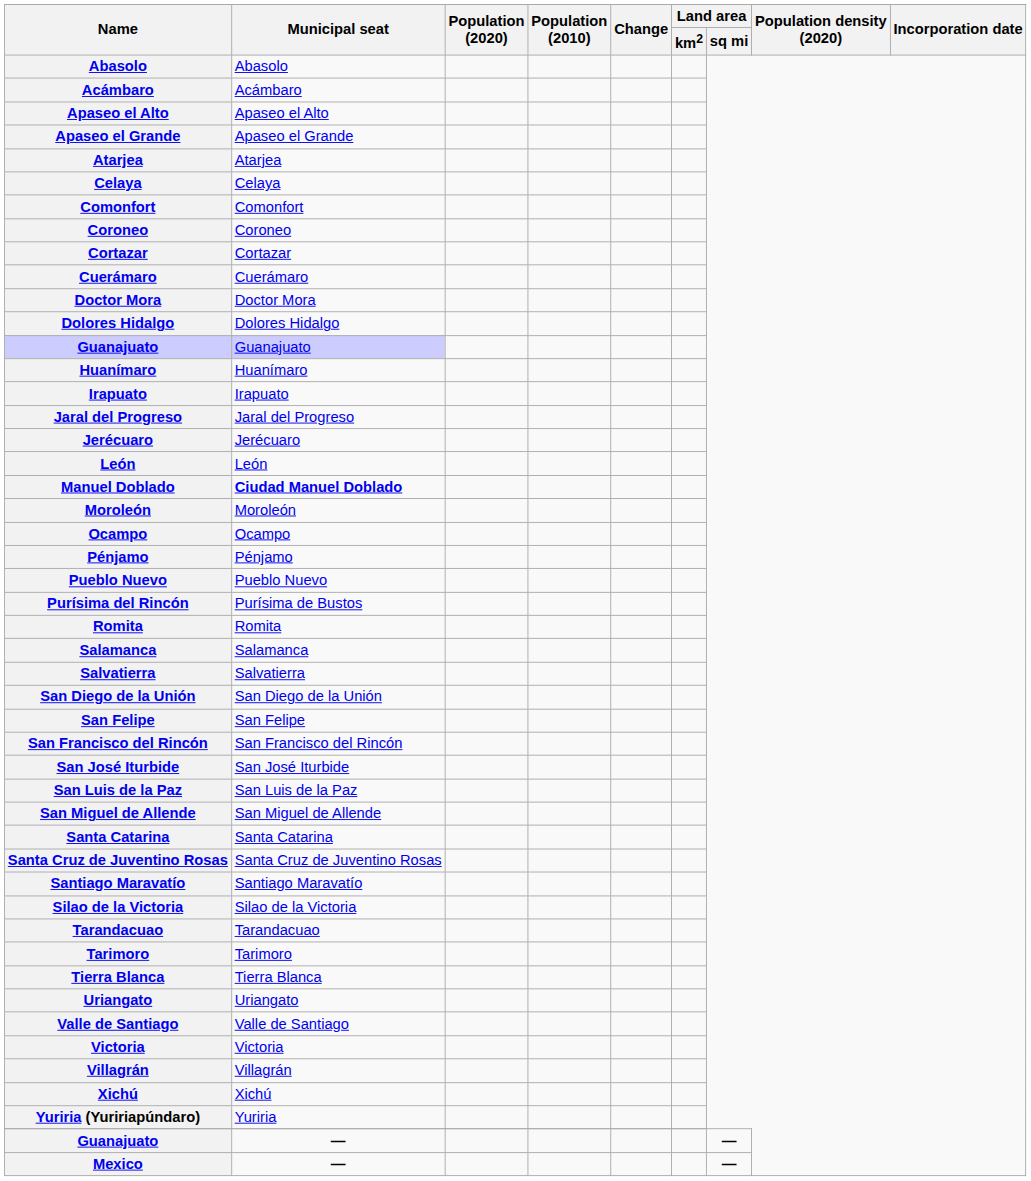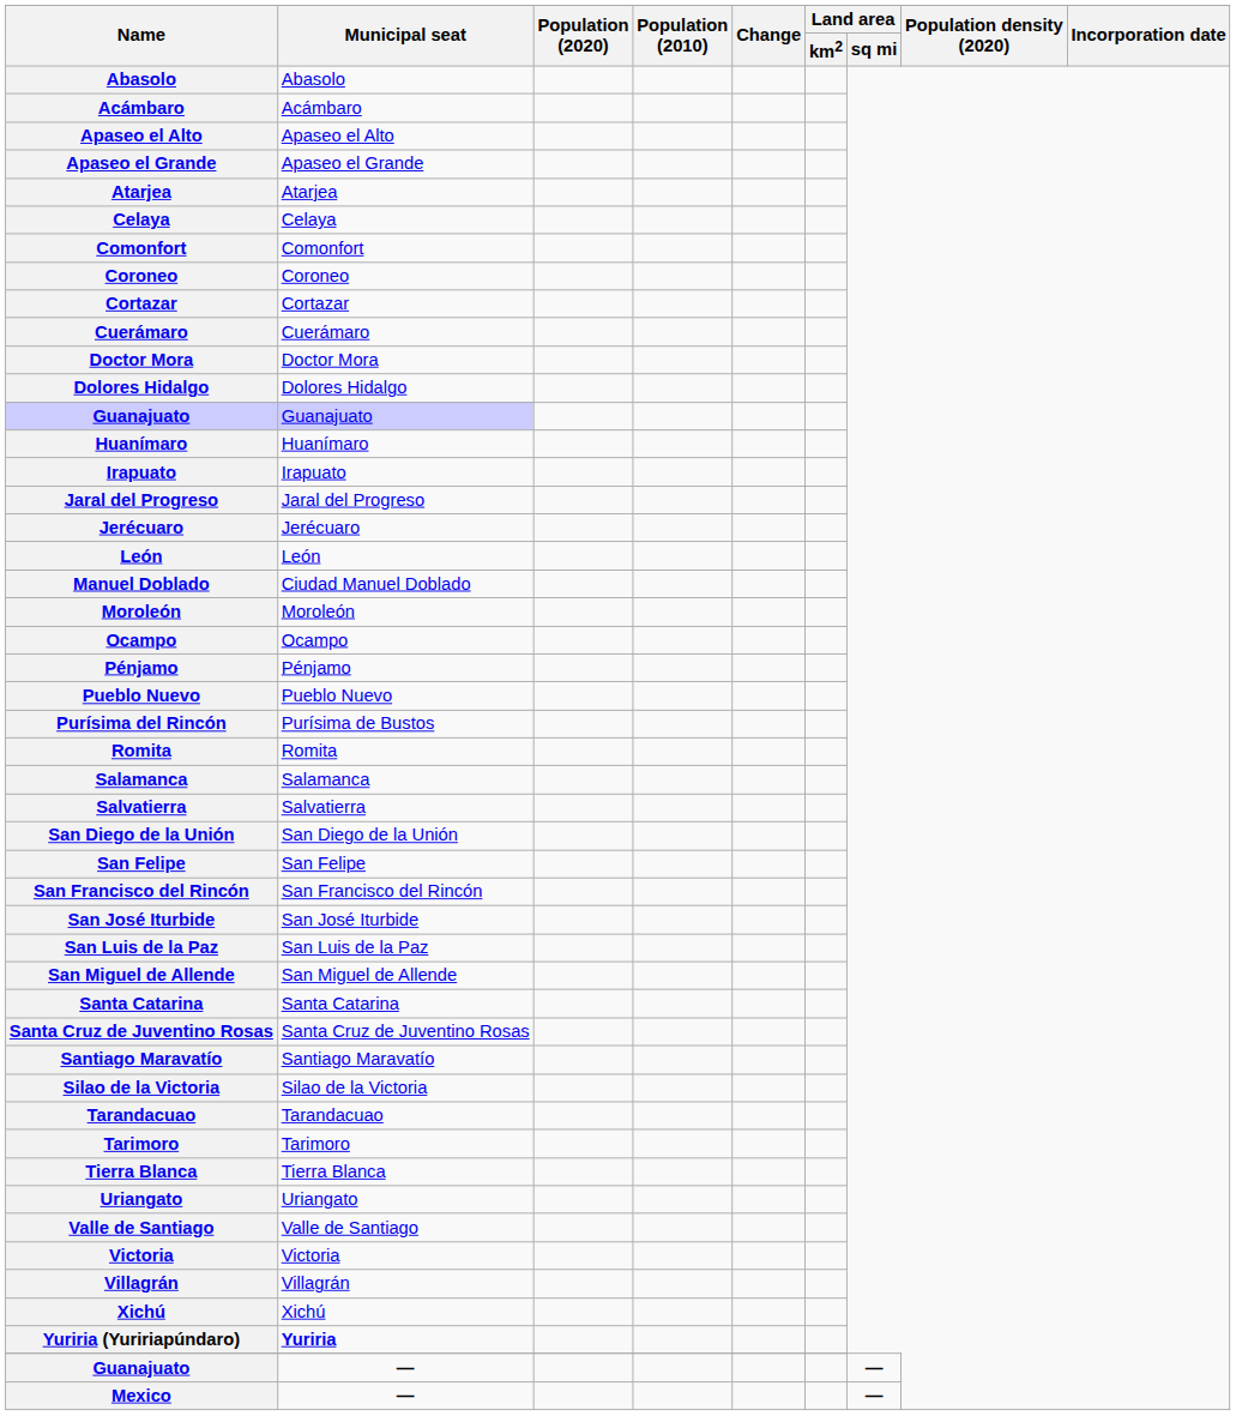 <table class="wikitable sortable" style="text-align:right;">
 <tr>
 </tr>
 <tr>
 <th scope="col"  rowspan=2>Name</th>
 <th scope="col"  rowspan=2>Municipal seat</th>
 <th scope="col"  rowspan=2>Population<br>(2020)</th>
 <th scope="col"  rowspan=2>Population<br>(2010)</th>
 <th scope="col"  rowspan=2>Change</th>
 <th scope="col" data-sort-type="number"  colspan=2>Land area</th>
 <th scope="col" data-sort-type="number"  rowspan=2>Population density<br>(2020)</th>
 <th scope="col"  rowspan=2>Incorporation date</th>
 </tr>
 <tr>
 <th scope="col">km<sup>2</sup></th>
 <th scope="col">sq mi</th>
 </tr>
 <tr>
 <th scope="row" align="left"><a href='#'>Abasolo</a></th>
 <td align=left><a href='#'>Abasolo</a></td>
 <td></td>
 <td></td>
 <td></td>
 <td></td>
 </tr>
 <tr>
 <th scope="row" align="left"><a href='#'>Acámbaro</a></th>
 <td align=left><a href='#'>Acámbaro</a></td>
 <td></td>
 <td></td>
 <td></td>
 <td></td>
 </tr>
 <tr>
 <th scope="row" align="left"><a href='#'>Apaseo el Alto</a></th>
 <td align=left><a href='#'>Apaseo el Alto</a></td>
 <td></td>
 <td></td>
 <td></td>
 <td></td>
 </tr>
 <tr>
 <th scope="row" align="left"><a href='#'>Apaseo el Grande</a></th>
 <td align=left><a href='#'>Apaseo el Grande</a></td>
 <td></td>
 <td></td>
 <td></td>
 <td></td>
 </tr>
 <tr>
 <th scope="row" align="left"><a href='#'>Atarjea</a></th>
 <td align=left><a href='#'>Atarjea</a></td>
 <td></td>
 <td></td>
 <td></td>
 <td></td>
 </tr>
 <tr>
 <th scope="row" align="left"><a href='#'>Celaya</a></th>
 <td align=left><a href='#'>Celaya</a></td>
 <td></td>
 <td></td>
 <td></td>
 <td></td>
 </tr>
 <tr>
 <th scope="row" align="left"><a href='#'>Comonfort</a></th>
 <td align=left><a href='#'>Comonfort</a></td>
 <td></td>
 <td></td>
 <td></td>
 <td></td>
 </tr>
 <tr>
 <th scope="row" align="left"><a href='#'>Coroneo</a></th>
 <td align=left><a href='#'>Coroneo</a></td>
 <td></td>
 <td></td>
 <td></td>
 <td></td>
 </tr>
 <tr>
 <th scope="row" align="left"><a href='#'>Cortazar</a></th>
 <td align=left><a href='#'>Cortazar</a></td>
 <td></td>
 <td></td>
 <td></td>
 <td></td>
 </tr>
 <tr>
 <th scope="row" align="left"><a href='#'>Cuerámaro</a></th>
 <td align=left><a href='#'>Cuerámaro</a></td>
 <td></td>
 <td></td>
 <td></td>
 <td></td>
 </tr>
 <tr>
 <th scope="row" align="left"><a href='#'>Doctor Mora</a></th>
 <td align=left><a href='#'>Doctor Mora</a></td>
 <td></td>
 <td></td>
 <td></td>
 <td></td>
 </tr>
 <tr>
 <th scope="row" align="left"><a href='#'>Dolores Hidalgo</a></th>
 <td align=left><a href='#'>Dolores Hidalgo</a></td>
 <td></td>
 <td></td>
 <td></td>
 <td></td>
 </tr>
 <tr>
 <th scope="row" align="left" style="background:#CCF;"><a href='#'>Guanajuato</a></th>
 <td align=left style="background:#CCF;"><a href='#'>Guanajuato</a></td>
 <td></td>
 <td></td>
 <td></td>
 <td></td>
 </tr>
 <tr>
 <th scope="row" align="left"><a href='#'>Huanímaro</a></th>
 <td align=left><a href='#'>Huanímaro</a></td>
 <td></td>
 <td></td>
 <td></td>
 <td></td>
 </tr>
 <tr>
 <th scope="row" align="left"><a href='#'>Irapuato</a></th>
 <td align=left><a href='#'>Irapuato</a></td>
 <td></td>
 <td></td>
 <td></td>
 <td></td>
 </tr>
 <tr>
 <th scope="row" align="left"><a href='#'>Jaral del Progreso</a></th>
 <td align=left><a href='#'>Jaral del Progreso</a></td>
 <td></td>
 <td></td>
 <td></td>
 <td></td>
 </tr>
 <tr>
 <th scope="row" align="left"><a href='#'>Jerécuaro</a></th>
 <td align=left><a href='#'>Jerécuaro</a></td>
 <td></td>
 <td></td>
 <td></td>
 <td></td>
 </tr>
 <tr>
 <th scope="row" align="left"><a href='#'>León</a></th>
 <td align=left><a href='#'>León</a></td>
 <td></td>
 <td></td>
 <td></td>
 <td></td>
 </tr>
 <tr>
 <th scope="row" align="left"><a href='#'>Manuel Doblado</a></th>
-<td align=left><strong><a href='#'>Ciudad Manuel Doblado</a></strong></td>
+<td align=left><a href='#'>Ciudad Manuel Doblado</a></td>
 <td></td>
 <td></td>
 <td></td>
 <td></td>
 </tr>
 <tr>
 <th scope="row" align="left"><a href='#'>Moroleón</a></th>
 <td align=left><a href='#'>Moroleón</a></td>
 <td></td>
 <td></td>
 <td></td>
 <td></td>
 </tr>
 <tr>
 <th scope="row" align="left"><a href='#'>Ocampo</a></th>
 <td align=left><a href='#'>Ocampo</a></td>
 <td></td>
 <td></td>
 <td></td>
 <td></td>
 </tr>
 <tr>
 <th scope="row" align="left"><a href='#'>Pénjamo</a></th>
 <td align=left><a href='#'>Pénjamo</a></td>
 <td></td>
 <td></td>
 <td></td>
 <td></td>
 </tr>
 <tr>
 <th scope="row" align="left"><a href='#'>Pueblo Nuevo</a></th>
 <td align=left><a href='#'>Pueblo Nuevo</a></td>
 <td></td>
 <td></td>
 <td></td>
 <td></td>
 </tr>
 <tr>
 <th scope="row" align="left"><a href='#'>Purísima del Rincón</a></th>
 <td align=left><a href='#'>Purísima de Bustos</a></td>
 <td></td>
 <td></td>
 <td></td>
 <td></td>
 </tr>
 <tr>
 <th scope="row" align="left"><a href='#'>Romita</a></th>
 <td align=left><a href='#'>Romita</a></td>
 <td></td>
 <td></td>
 <td></td>
 <td></td>
 </tr>
 <tr>
 <th scope="row" align="left"><a href='#'>Salamanca</a></th>
 <td align=left><a href='#'>Salamanca</a></td>
 <td></td>
 <td></td>
 <td></td>
 <td></td>
 </tr>
 <tr>
 <th scope="row" align="left"><a href='#'>Salvatierra</a></th>
 <td align=left><a href='#'>Salvatierra</a></td>
 <td></td>
 <td></td>
 <td></td>
 <td></td>
 </tr>
 <tr>
 <th scope="row" align="left"><a href='#'>San Diego de la Unión</a></th>
 <td align=left><a href='#'>San Diego de la Unión</a></td>
 <td></td>
 <td></td>
 <td></td>
 <td></td>
 </tr>
 <tr>
 <th scope="row" align="left"><a href='#'>San Felipe</a></th>
 <td align=left><a href='#'>San Felipe</a></td>
 <td></td>
 <td></td>
 <td></td>
 <td></td>
 </tr>
 <tr>
 <th scope="row" align="left"><a href='#'>San Francisco del Rincón</a></th>
 <td align=left><a href='#'>San Francisco del Rincón</a></td>
 <td></td>
 <td></td>
 <td></td>
 <td></td>
 </tr>
 <tr>
 <th scope="row" align="left"><a href='#'>San José Iturbide</a></th>
 <td align=left><a href='#'>San José Iturbide</a></td>
 <td></td>
 <td></td>
 <td></td>
 <td></td>
 </tr>
 <tr>
 <th scope="row" align="left"><a href='#'>San Luis de la Paz</a></th>
 <td align=left><a href='#'>San Luis de la Paz</a></td>
 <td></td>
 <td></td>
 <td></td>
 <td></td>
 </tr>
 <tr>
 <th scope="row" align="left"><a href='#'>San Miguel de Allende</a></th>
 <td align=left><a href='#'>San Miguel de Allende</a></td>
 <td></td>
 <td></td>
 <td></td>
 <td></td>
 </tr>
 <tr>
 <th scope="row" align="left"><a href='#'>Santa Catarina</a></th>
 <td align=left><a href='#'>Santa Catarina</a></td>
 <td></td>
 <td></td>
 <td></td>
 <td></td>
 </tr>
 <tr>
 <th scope="row" align="left"><a href='#'>Santa Cruz de Juventino Rosas</a></th>
 <td align=left><a href='#'>Santa Cruz de Juventino Rosas</a></td>
 <td></td>
 <td></td>
 <td></td>
 <td></td>
 </tr>
 <tr>
 <th scope="row" align="left"><a href='#'>Santiago Maravatío</a></th>
 <td align=left><a href='#'>Santiago Maravatío</a></td>
 <td></td>
 <td></td>
 <td></td>
 <td></td>
 </tr>
 <tr>
 <th scope="row" align="left"><a href='#'>Silao de la Victoria</a></th>
 <td align=left><a href='#'>Silao de la Victoria</a></td>
 <td></td>
 <td></td>
 <td></td>
 <td></td>
 </tr>
 <tr>
 <th scope="row" align="left"><a href='#'>Tarandacuao</a>  </th>
 <td align=left><a href='#'>Tarandacuao</a></td>
 <td></td>
 <td></td>
 <td></td>
 <td></td>
 </tr>
 <tr>
 <th scope="row" align="left"><a href='#'>Tarimoro</a></th>
 <td align=left><a href='#'>Tarimoro</a></td>
 <td></td>
 <td></td>
 <td></td>
 <td></td>
 </tr>
 <tr>
 <th scope="row" align="left"><a href='#'>Tierra Blanca</a></th>
 <td align=left><a href='#'>Tierra Blanca</a></td>
 <td></td>
 <td></td>
 <td></td>
 <td></td>
 </tr>
 <tr>
 <th scope="row" align="left"><a href='#'>Uriangato</a></th>
 <td align=left><a href='#'>Uriangato</a></td>
 <td></td>
 <td></td>
 <td></td>
 <td></td>
 </tr>
 <tr>
 <th scope="row" align="left"><a href='#'>Valle de Santiago</a></th>
 <td align=left><a href='#'>Valle de Santiago</a></td>
 <td></td>
 <td></td>
 <td></td>
 <td></td>
 </tr>
 <tr>
 <th scope="row" align="left"><a href='#'>Victoria</a></th>
 <td align=left><a href='#'>Victoria</a></td>
 <td></td>
 <td></td>
 <td></td>
 <td></td>
 </tr>
 <tr>
 <th scope="row" align="left"><a href='#'>Villagrán</a></th>
 <td align=left><a href='#'>Villagrán</a></td>
 <td></td>
 <td></td>
 <td></td>
 <td></td>
 </tr>
 <tr>
 <th scope="row" align="left"><a href='#'>Xichú</a></th>
 <td align=left><a href='#'>Xichú</a></td>
 <td></td>
 <td></td>
 <td></td>
 <td></td>
 </tr>
 <tr>
 <th scope="row" align="left"><a href='#'>Yuriria</a> (Yuririapúndaro)</th>
-<td align=left><a href='#'>Yuriria</a></td>
+<td align=left><strong><a href='#'>Yuriria</a></strong></td>
 <td></td>
 <td></td>
 <td></td>
 <td></td>
 </tr>
 <tr>
 </tr>
 <tr class="sortbottom" style="text-align:center;" style="background: #f2f2f2;">
 <th scope="row" align="left"><strong><a href='#'>Guanajuato</a></strong></th>
 <td><strong>—</strong></td>
 <td></td>
 <td><strong></strong></td>
 <td><strong></strong></td>
 <td align="right"><strong></strong></td>
 <td><strong>—</strong></td>
 </tr>
 <tr class="sortbottom" style="text-align:center;" style="background: #f2f2f2;">
 <th scope="row" align="left"><strong><a href='#'>Mexico</a></strong></th>
 <td><strong>—</strong></td>
 <td></td>
 <td><strong></strong></td>
 <td><strong></strong></td>
 <td align="right"><strong></strong></td>
 <td><strong>—</strong></td>
 </tr>
 </table>
